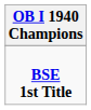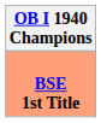 <table class="wikitable" style="text-align: center; margin: 0 auto;">
 <tr>
 <th><a href='#'>OB I</a> 1940<br>Champions</th>
 </tr>
 <tr>
 </tr>
 <tr>
-<td><br><strong><a href='#'>BSE</a></strong><br><strong>1st Title</strong></td>
+<td style="background: lightsalmon;"><br><strong><a href='#'>BSE</a></strong><br><strong>1st Title</strong></td>
 </tr>
 </table>
